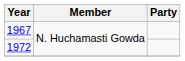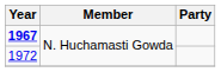 <table class="wikitable sortable">
 <tr>
 <th>Year</th>
 <th>Member</th>
 <th colspan="2">Party</th>
 </tr>
 <tr>
-<td><a href='#'>1967</a></td>
+<td><strong><a href='#'>1967</a></strong></td>
 <td rowspan=2>N. Huchamasti Gowda</td>
 <td></td>
 </tr>
 <tr>
 <td><a href='#'>1972</a></td>
 <td></td>
 </tr>
 <tr>
 </tr>
 </table>
